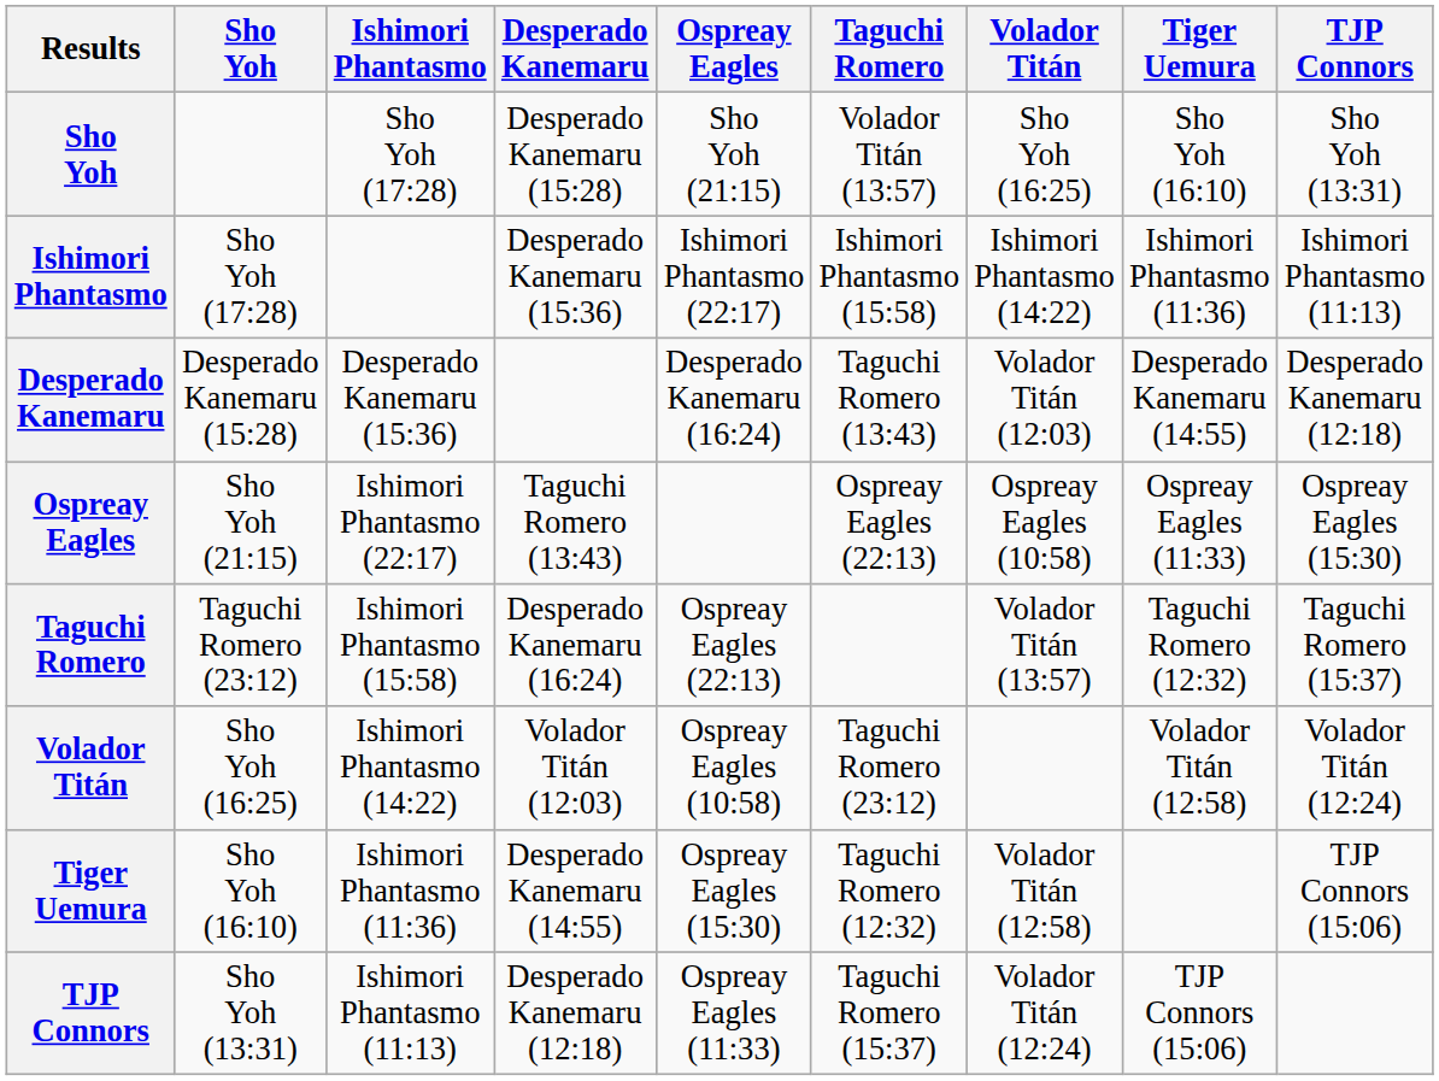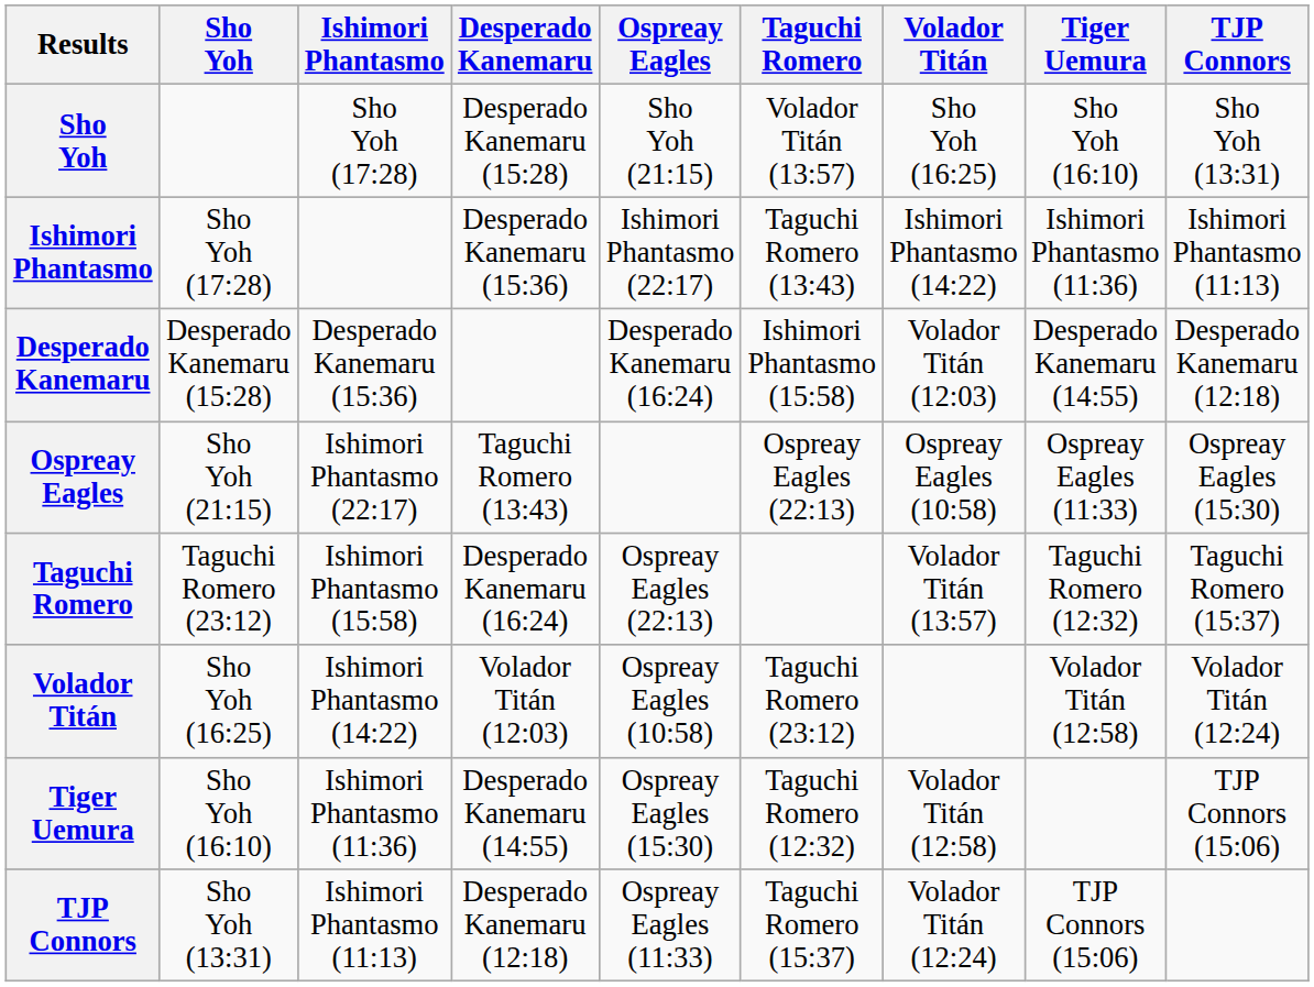 <table class="wikitable" style="margin: 1em auto 1em auto;text-align:center">
 <tr>
 <th>Results</th>
 <th><a href='#'>Sho</a><br><a href='#'>Yoh</a></th>
 <th><a href='#'>Ishimori</a><br><a href='#'>Phantasmo</a></th>
 <th><a href='#'>Desperado</a><br><a href='#'>Kanemaru</a></th>
 <th><a href='#'>Ospreay</a><br><a href='#'>Eagles</a></th>
 <th><a href='#'>Taguchi</a><br><a href='#'>Romero</a></th>
 <th><a href='#'>Volador</a><br><a href='#'>Titán</a></th>
 <th><a href='#'>Tiger</a><br><a href='#'>Uemura</a></th>
 <th><a href='#'>TJP</a><br><a href='#'>Connors</a></th>
 </tr>
 <tr>
 <th><a href='#'>Sho</a><br><a href='#'>Yoh</a></th>
 <td></td>
 <td>Sho<br> Yoh <br> (17:28)</td>
 <td>Desperado<br> Kanemaru <br>(15:28)</td>
 <td>Sho<br> Yoh <br> (21:15)</td>
 <td>Volador<br> Titán <br> (13:57)</td>
 <td>Sho<br> Yoh <br> (16:25)</td>
 <td>Sho<br>Yoh<br>(16:10)</td>
 <td>Sho<br> Yoh <br> (13:31)</td>
 </tr>
 <tr>
 <th><a href='#'>Ishimori</a><br><a href='#'>Phantasmo</a></th>
 <td>Sho<br> Yoh <br> (17:28)</td>
 <td></td>
 <td>Desperado<br> Kanemaru <br> (15:36)</td>
 <td>Ishimori<br> Phantasmo <br> (22:17)</td>
-<td>Ishimori<br> Phantasmo <br> (15:58)</td>
+<td>Taguchi<br> Romero <br> (13:43)</td>
 <td>Ishimori<br> Phantasmo <br> (14:22)</td>
 <td>Ishimori<br> Phantasmo <br> (11:36)</td>
 <td>Ishimori<br> Phantasmo <br> (11:13)</td>
 </tr>
 <tr>
 <th><a href='#'>Desperado</a><br><a href='#'>Kanemaru</a></th>
 <td>Desperado<br> Kanemaru <br> (15:28)</td>
 <td>Desperado<br> Kanemaru <br> (15:36)</td>
 <td></td>
 <td>Desperado<br> Kanemaru <br> (16:24)</td>
-<td>Taguchi<br> Romero <br> (13:43)</td>
+<td>Ishimori<br> Phantasmo <br> (15:58)</td>
 <td>Volador<br> Titán <br> (12:03)</td>
 <td>Desperado<br> Kanemaru <br> (14:55)</td>
 <td>Desperado<br> Kanemaru <br> (12:18)</td>
 </tr>
 <tr>
 <th><a href='#'>Ospreay</a><br><a href='#'>Eagles</a></th>
 <td>Sho<br> Yoh <br> (21:15)</td>
 <td>Ishimori<br> Phantasmo <br> (22:17)</td>
 <td>Taguchi<br> Romero <br> (13:43)</td>
 <td></td>
 <td>Ospreay<br> Eagles <br> (22:13)</td>
 <td>Ospreay<br> Eagles <br> (10:58)</td>
 <td>Ospreay<br> Eagles <br> (11:33)</td>
 <td>Ospreay<br> Eagles <br> (15:30)</td>
 </tr>
 <tr>
 <th><a href='#'>Taguchi</a><br><a href='#'>Romero</a></th>
 <td>Taguchi<br> Romero <br> (23:12)</td>
 <td>Ishimori<br> Phantasmo <br> (15:58)</td>
 <td>Desperado<br> Kanemaru <br> (16:24)</td>
 <td>Ospreay<br> Eagles <br> (22:13)</td>
 <td></td>
 <td>Volador<br> Titán <br> (13:57)</td>
 <td>Taguchi<br> Romero <br> (12:32)</td>
 <td>Taguchi<br> Romero <br> (15:37)</td>
 </tr>
 <tr>
 <th><a href='#'>Volador</a><br><a href='#'>Titán</a></th>
 <td>Sho<br> Yoh <br> (16:25)</td>
 <td>Ishimori<br> Phantasmo <br> (14:22)</td>
 <td>Volador<br> Titán <br> (12:03)</td>
 <td>Ospreay<br> Eagles <br> (10:58)</td>
 <td>Taguchi<br> Romero <br> (23:12)</td>
 <td></td>
 <td>Volador<br> Titán <br> (12:58)</td>
 <td>Volador<br> Titán <br> (12:24)</td>
 </tr>
 <tr>
 <th><a href='#'>Tiger</a><br><a href='#'>Uemura</a></th>
 <td>Sho<br>Yoh<br>(16:10)</td>
 <td>Ishimori<br> Phantasmo <br> (11:36)</td>
 <td>Desperado<br> Kanemaru <br> (14:55)</td>
 <td>Ospreay<br> Eagles <br> (15:30)</td>
 <td>Taguchi<br> Romero <br> (12:32)</td>
 <td>Volador<br> Titán <br> (12:58)</td>
 <td></td>
 <td>TJP<br>Connors <br> (15:06)</td>
 </tr>
 <tr>
 <th><a href='#'>TJP</a><br> <a href='#'>Connors</a></th>
 <td>Sho<br> Yoh <br> (13:31)</td>
 <td>Ishimori<br> Phantasmo <br> (11:13)</td>
 <td>Desperado<br> Kanemaru <br> (12:18)</td>
 <td>Ospreay<br> Eagles <br> (11:33)</td>
 <td>Taguchi<br> Romero <br> (15:37)</td>
 <td>Volador<br> Titán <br> (12:24)</td>
 <td>TJP<br>Connors <br> (15:06)</td>
 <td></td>
 </tr>
 </table>
